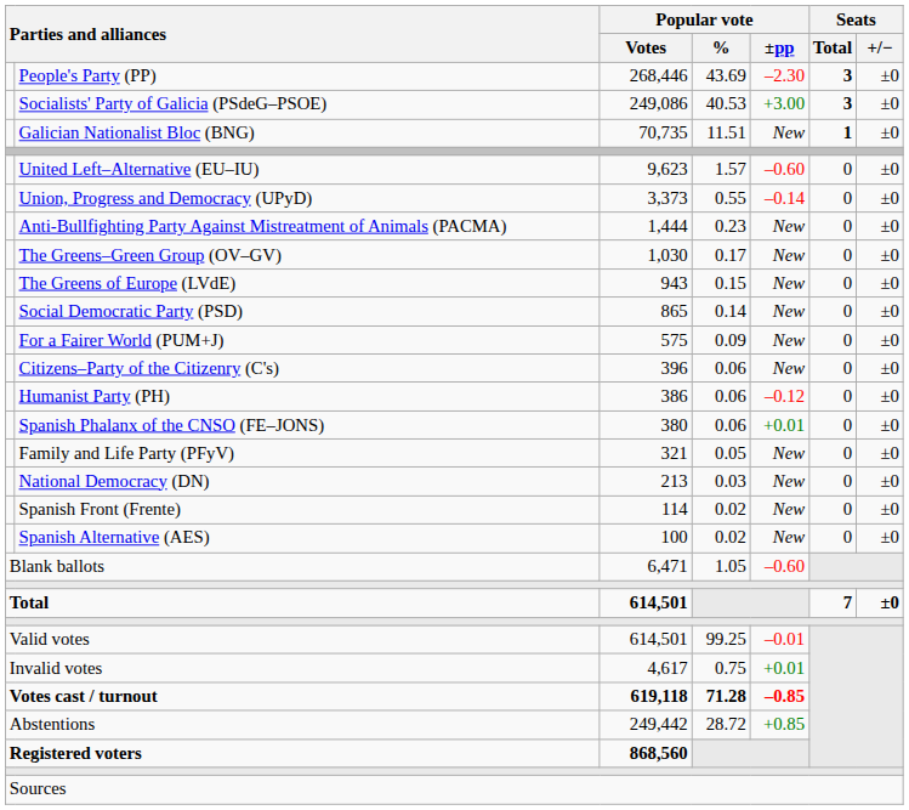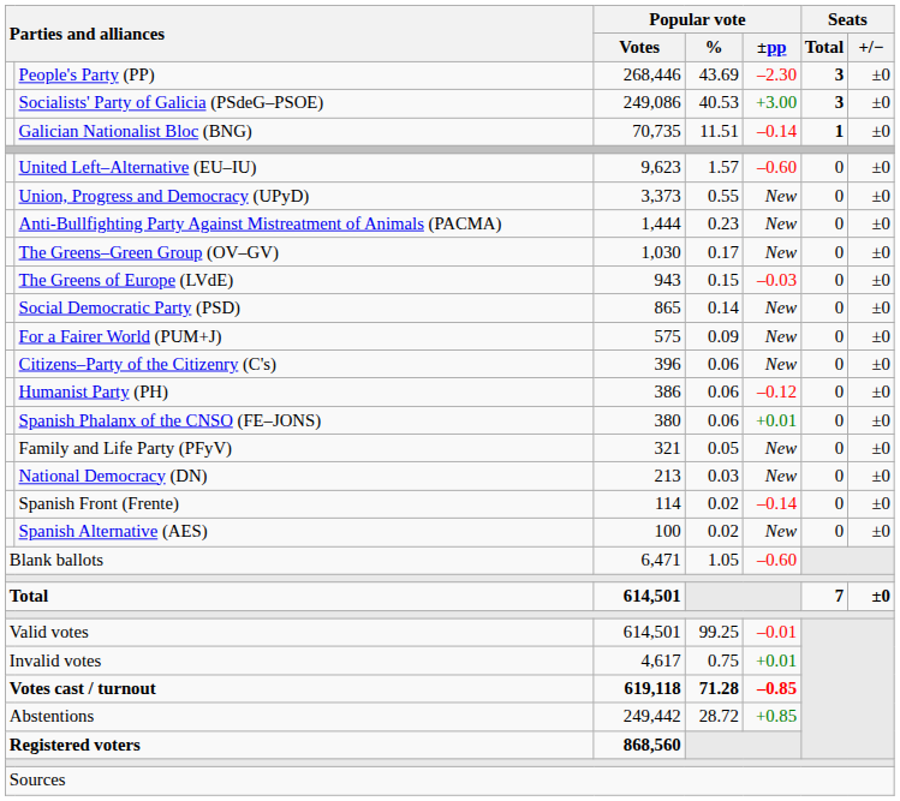 <table class="wikitable" style="text-align:right;">
 <tr>
 <th style="text-align:left;" rowspan="2" colspan="2" width="525">Parties and alliances</th>
 <th colspan="3">Popular vote</th>
 <th colspan="2">Seats</th>
 </tr>
 <tr>
 <th width="75">Votes</th>
 <th width="45">%</th>
 <th width="45">±<a href='#'>pp</a></th>
 <th width="35">Total</th>
 <th width="35">+/−</th>
 </tr>
 <tr>
 <td width="1" style="color:inherit;background:"></td>
 <td align="left"><a href='#'>People's Party</a> (PP)</td>
 <td>268,446</td>
 <td>43.69</td>
 <td style="color:red;">–2.30</td>
 <td><strong>3</strong></td>
 <td>±0</td>
 </tr>
 <tr>
 <td style="color:inherit;background:"></td>
 <td align="left"><a href='#'>Socialists' Party of Galicia</a> (PSdeG–PSOE)</td>
 <td>249,086</td>
 <td>40.53</td>
 <td style="color:green;">+3.00</td>
 <td><strong>3</strong></td>
 <td>±0</td>
 </tr>
 <tr>
 <td style="color:inherit;background:"></td>
 <td align="left"><a href='#'>Galician Nationalist Bloc</a> (BNG)</td>
 <td>70,735</td>
 <td>11.51</td>
-<td><em>New</em></td>
+<td style="color:red;">–0.14</td>
 <td><strong>1</strong></td>
 <td>±0</td>
 </tr>
 <tr>
 <td colspan="7" bgcolor="#C0C0C0"></td>
 </tr>
 <tr>
 <td style="color:inherit;background:"></td>
 <td align="left"><a href='#'>United Left–Alternative</a> (EU–IU)</td>
 <td>9,623</td>
 <td>1.57</td>
 <td style="color:red;">–0.60</td>
 <td>0</td>
 <td>±0</td>
 </tr>
 <tr>
 <td style="color:inherit;background:"></td>
 <td align="left"><a href='#'>Union, Progress and Democracy</a> (UPyD)</td>
 <td>3,373</td>
 <td>0.55</td>
-<td style="color:red;">–0.14</td>
+<td><em>New</em></td>
 <td>0</td>
 <td>±0</td>
 </tr>
 <tr>
 <td style="color:inherit;background:"></td>
 <td align="left"><a href='#'>Anti-Bullfighting Party Against Mistreatment of Animals</a> (PACMA)</td>
 <td>1,444</td>
 <td>0.23</td>
 <td><em>New</em></td>
 <td>0</td>
 <td>±0</td>
 </tr>
 <tr>
 <td style="color:inherit;background:"></td>
 <td align="left"><a href='#'>The Greens–Green Group</a> (OV–GV)</td>
 <td>1,030</td>
 <td>0.17</td>
 <td><em>New</em></td>
 <td>0</td>
 <td>±0</td>
 </tr>
 <tr>
 <td style="color:inherit;background:"></td>
 <td align="left"><a href='#'>The Greens of Europe</a> (LVdE)</td>
 <td>943</td>
 <td>0.15</td>
-<td><em>New</em></td>
+<td style="color:red;">–0.03</td>
 <td>0</td>
 <td>±0</td>
 </tr>
 <tr>
 <td style="color:inherit;background:"></td>
 <td align="left"><a href='#'>Social Democratic Party</a> (PSD)</td>
 <td>865</td>
 <td>0.14</td>
 <td><em>New</em></td>
 <td>0</td>
 <td>±0</td>
 </tr>
 <tr>
 <td style="color:inherit;background:"></td>
 <td align="left"><a href='#'>For a Fairer World</a> (PUM+J)</td>
 <td>575</td>
 <td>0.09</td>
 <td><em>New</em></td>
 <td>0</td>
 <td>±0</td>
 </tr>
 <tr>
 <td style="color:inherit;background:"></td>
 <td align="left"><a href='#'>Citizens–Party of the Citizenry</a> (C's)</td>
 <td>396</td>
 <td>0.06</td>
 <td><em>New</em></td>
 <td>0</td>
 <td>±0</td>
 </tr>
 <tr>
 <td style="color:inherit;background:"></td>
 <td align="left"><a href='#'>Humanist Party</a> (PH)</td>
 <td>386</td>
 <td>0.06</td>
 <td style="color:red;">–0.12</td>
 <td>0</td>
 <td>±0</td>
 </tr>
 <tr>
 <td style="color:inherit;background:"></td>
 <td align="left"><a href='#'>Spanish Phalanx of the CNSO</a> (FE–JONS)</td>
 <td>380</td>
 <td>0.06</td>
 <td style="color:green;">+0.01</td>
 <td>0</td>
 <td>±0</td>
 </tr>
 <tr>
 <td style="color:inherit;background:"></td>
 <td align="left">Family and Life Party (PFyV)</td>
 <td>321</td>
 <td>0.05</td>
 <td><em>New</em></td>
 <td>0</td>
 <td>±0</td>
 </tr>
 <tr>
 <td style="color:inherit;background:"></td>
 <td align="left"><a href='#'>National Democracy</a> (DN)</td>
 <td>213</td>
 <td>0.03</td>
 <td><em>New</em></td>
 <td>0</td>
 <td>±0</td>
 </tr>
 <tr>
 <td style="color:inherit;background:"></td>
 <td align="left">Spanish Front (Frente)</td>
 <td>114</td>
 <td>0.02</td>
-<td><em>New</em></td>
+<td style="color:red;">–0.14</td>
 <td>0</td>
 <td>±0</td>
 </tr>
 <tr>
 <td style="color:inherit;background:"></td>
 <td align="left"><a href='#'>Spanish Alternative</a> (AES)</td>
 <td>100</td>
 <td>0.02</td>
 <td><em>New</em></td>
 <td>0</td>
 <td>±0</td>
 </tr>
 <tr>
 <td align="left" colspan="2">Blank ballots</td>
 <td>6,471</td>
 <td>1.05</td>
 <td style="color:red;">–0.60</td>
 <td bgcolor="#E9E9E9" colspan="2"></td>
 </tr>
 <tr>
 <td colspan="7" bgcolor="#E9E9E9"></td>
 </tr>
 <tr style="font-weight:bold;">
 <td align="left" colspan="2">Total</td>
 <td>614,501</td>
 <td bgcolor="#E9E9E9" colspan="2"></td>
 <td>7</td>
 <td>±0</td>
 </tr>
 <tr>
 <td colspan="7" bgcolor="#E9E9E9"></td>
 </tr>
 <tr>
 <td align="left" colspan="2">Valid votes</td>
 <td>614,501</td>
 <td>99.25</td>
 <td style="color:red;">–0.01</td>
 <td bgcolor="#E9E9E9" colspan="2" rowspan="5"></td>
 </tr>
 <tr>
 <td align="left" colspan="2">Invalid votes</td>
 <td>4,617</td>
 <td>0.75</td>
 <td style="color:green;">+0.01</td>
 </tr>
 <tr style="font-weight:bold;">
 <td align="left" colspan="2">Votes cast / turnout</td>
 <td>619,118</td>
 <td>71.28</td>
 <td style="color:red;">–0.85</td>
 </tr>
 <tr>
 <td align="left" colspan="2">Abstentions</td>
 <td>249,442</td>
 <td>28.72</td>
 <td style="color:green;">+0.85</td>
 </tr>
 <tr style="font-weight:bold;">
 <td align="left" colspan="2">Registered voters</td>
 <td>868,560</td>
 <td bgcolor="#E9E9E9" colspan="2"></td>
 </tr>
 <tr>
 <td colspan="7" bgcolor="#E9E9E9"></td>
 </tr>
 <tr>
 <td align="left" colspan="7">Sources</td>
 </tr>
 </table>
